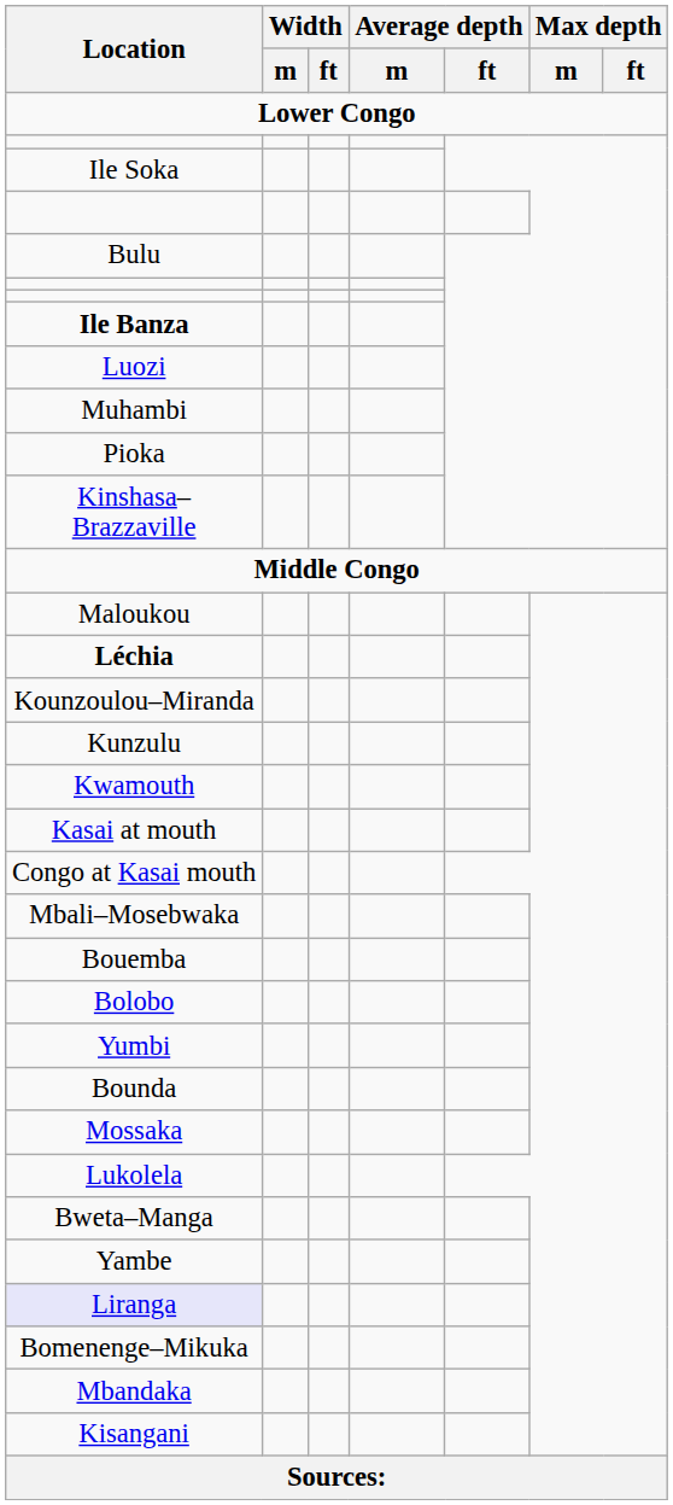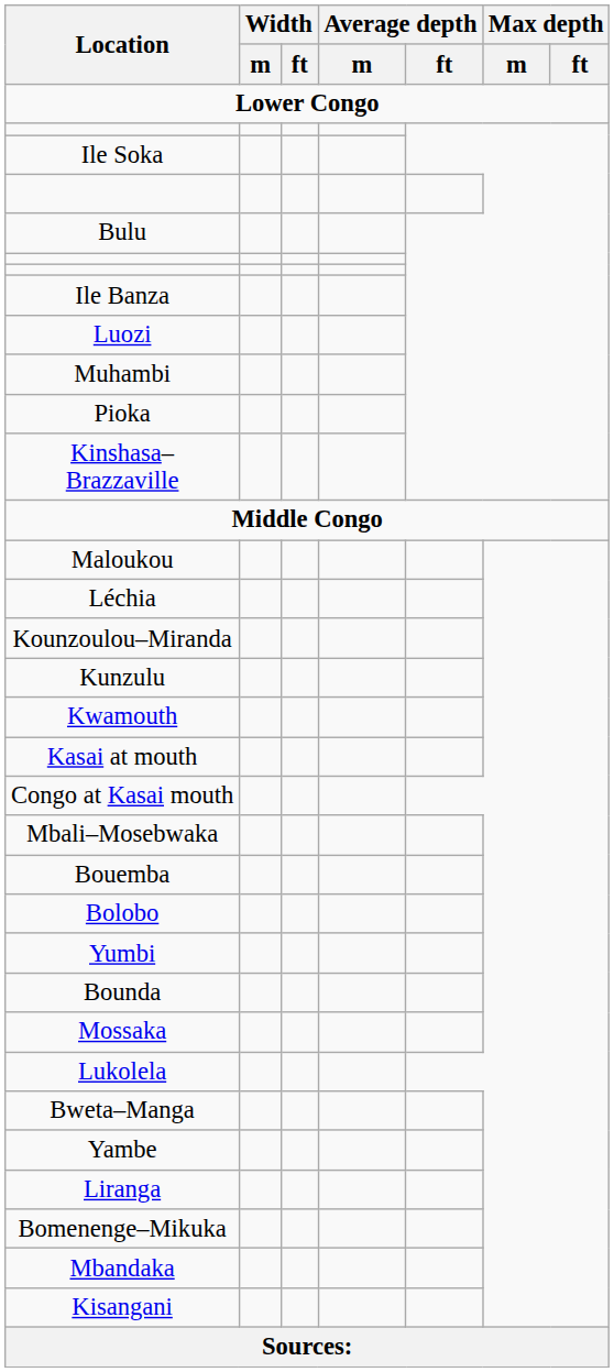 <table class="wikitable sortable" style="text-align:center;">
 <tr>
 <th rowspan=2>Location</th>
 <th colspan=2>Width</th>
 <th colspan=2>Average depth</th>
 <th colspan=2>Max depth</th>
 </tr>
 <tr>
 <th>m</th>
 <th>ft</th>
 <th>m</th>
 <th>ft</th>
 <th>m</th>
 <th>ft</th>
 </tr>
 <tr>
 <td colspan="7"><strong>Lower Congo</strong></td>
 </tr>
 <tr>
 <td></td>
 <td></td>
 <td></td>
 <td></td>
 </tr>
 <tr>
 <td>Ile Soka<br></td>
 <td></td>
 <td></td>
 <td></td>
 </tr>
 <tr>
 <td><br></td>
 <td></td>
 <td></td>
 <td></td>
 <td></td>
 </tr>
 <tr>
 <td>Bulu<br></td>
 <td></td>
 <td></td>
 <td></td>
 </tr>
 <tr>
 <td></td>
 <td></td>
 <td></td>
 <td></td>
 </tr>
 <tr>
 <td></td>
 <td></td>
 <td></td>
 <td></td>
 </tr>
 <tr>
-<td><strong>Ile Banza<br></strong></td>
+<td>Ile Banza<br></td>
 <td></td>
 <td></td>
 <td></td>
 </tr>
 <tr>
 <td><a href='#'>Luozi</a><br></td>
 <td></td>
 <td></td>
 <td></td>
 </tr>
 <tr>
 <td>Muhambi<br></td>
 <td></td>
 <td></td>
 <td></td>
 </tr>
 <tr>
 <td>Pioka<br></td>
 <td></td>
 <td></td>
 <td></td>
 </tr>
 <tr>
 <td><a href='#'>Kinshasa</a>–<br><a href='#'>Brazzaville</a> </td>
 <td></td>
 <td></td>
 <td></td>
 </tr>
 <tr>
 <td colspan="7"><strong>Middle Congo</strong></td>
 </tr>
 <tr>
 <td>Maloukou<br></td>
 <td></td>
 <td></td>
 <td></td>
 <td></td>
 </tr>
 <tr>
-<td><strong>Léchia<br></strong></td>
+<td>Léchia<br></td>
 <td></td>
 <td></td>
 <td></td>
 <td></td>
 </tr>
 <tr>
 <td>Kounzoulou–Miranda<br></td>
 <td></td>
 <td></td>
 <td></td>
 <td></td>
 </tr>
 <tr>
 <td>Kunzulu<br></td>
 <td></td>
 <td></td>
 <td></td>
 <td></td>
 </tr>
 <tr>
 <td><a href='#'>Kwamouth</a><br></td>
 <td></td>
 <td></td>
 <td></td>
 <td></td>
 </tr>
 <tr>
 <td><a href='#'>Kasai</a> at mouth<br></td>
 <td></td>
 <td></td>
 <td></td>
 <td></td>
 </tr>
 <tr>
 <td>Congo at <a href='#'>Kasai</a> mouth<br></td>
 <td></td>
 <td></td>
 <td></td>
 </tr>
 <tr>
 <td>Mbali–Mosebwaka<br></td>
 <td></td>
 <td></td>
 <td></td>
 <td></td>
 </tr>
 <tr>
 <td>Bouemba<br></td>
 <td></td>
 <td></td>
 <td></td>
 <td></td>
 </tr>
 <tr>
 <td><a href='#'>Bolobo</a><br></td>
 <td></td>
 <td></td>
 <td></td>
 <td></td>
 </tr>
 <tr>
 <td><a href='#'>Yumbi</a><br></td>
 <td></td>
 <td></td>
 <td></td>
 <td></td>
 </tr>
 <tr>
 <td>Bounda<br></td>
 <td></td>
 <td></td>
 <td></td>
 <td></td>
 </tr>
 <tr>
 <td><a href='#'>Mossaka</a><br></td>
 <td></td>
 <td></td>
 <td></td>
 <td></td>
 </tr>
 <tr>
 <td><a href='#'>Lukolela</a><br></td>
 <td></td>
 <td></td>
 <td></td>
 </tr>
 <tr>
 <td>Bweta–Manga<br></td>
 <td></td>
 <td></td>
 <td></td>
 <td></td>
 </tr>
 <tr>
 <td>Yambe<br></td>
 <td></td>
 <td></td>
 <td></td>
 <td></td>
 </tr>
 <tr>
-<td style="background: lavender;"><a href='#'>Liranga</a><br></td>
+<td><a href='#'>Liranga</a><br></td>
 <td></td>
 <td></td>
 <td></td>
 <td></td>
 </tr>
 <tr>
 <td>Bomenenge–Mikuka<br></td>
 <td></td>
 <td></td>
 <td></td>
 <td></td>
 </tr>
 <tr>
 <td><a href='#'>Mbandaka</a><br></td>
 <td></td>
 <td></td>
 <td></td>
 <td></td>
 </tr>
 <tr>
 <td><a href='#'>Kisangani</a><br></td>
 <td></td>
 <td></td>
 <td></td>
 <td></td>
 </tr>
 <tr class=sortbottom>
 <th scope=row colspan=7><strong>Sources:</strong></th>
 </tr>
 </table>
